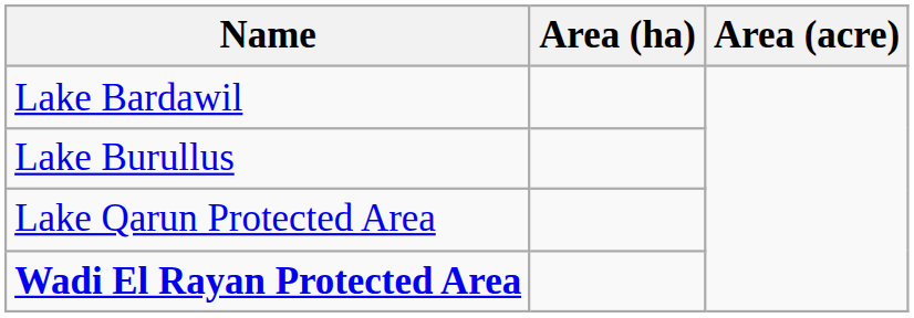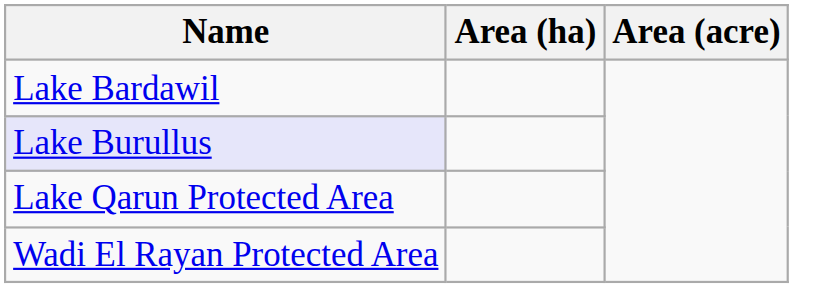 <table class="wikitable sortable">
 <tr>
 <th scope="col" align=left>Name</th>
 <th scope="col">Area (ha)</th>
 <th scope="col">Area (acre)</th>
 </tr>
 <tr ---->
 <td><a href='#'>Lake Bardawil</a></td>
 <td></td>
 </tr>
 <tr ---->
-<td><a href='#'>Lake Burullus</a></td>
+<td style="background: lavender;"><a href='#'>Lake Burullus</a></td>
 <td></td>
 </tr>
 <tr ---->
 <td><a href='#'>Lake Qarun Protected Area</a></td>
 <td></td>
 </tr>
 <tr ---->
-<td><strong><a href='#'>Wadi El Rayan Protected Area</a></strong></td>
+<td><a href='#'>Wadi El Rayan Protected Area</a></td>
 <td></td>
 </tr>
 </table>
